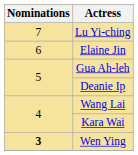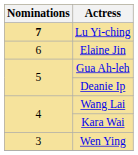 <table class="wikitable sortable" rowspan=2 style="text-align: center; background: #f6e39c">
 <tr>
 <th scope="col" width="55">Nominations</th>
 <th scope="col" align="center">Actress</th>
 </tr>
 <tr>
-<td rowspan=1 style="text-align:center">7</td>
+<td rowspan=1 style="text-align:center"><strong>7</strong></td>
 <td><a href='#'>Lu Yi-ching</a></td>
 </tr>
 <tr>
 <td rowspan=1 style="text-align:center">6</td>
 <td><a href='#'>Elaine Jin</a></td>
 </tr>
 <tr>
 <td rowspan=2 style="text-align:center">5</td>
 <td><a href='#'>Gua Ah-leh</a></td>
 </tr>
 <tr>
 <td><a href='#'>Deanie Ip</a></td>
 </tr>
 <tr>
 <td rowspan=2 style="text-align:center">4</td>
 <td><a href='#'>Wang Lai</a></td>
 </tr>
 <tr>
 <td><a href='#'>Kara Wai</a></td>
 </tr>
 <tr>
-<td rowspan=1 style="text-align:center"><strong>3</strong></td>
+<td rowspan=1 style="text-align:center">3</td>
 <td><a href='#'>Wen Ying</a></td>
 </tr>
 <tr>
 </tr>
 </table>
